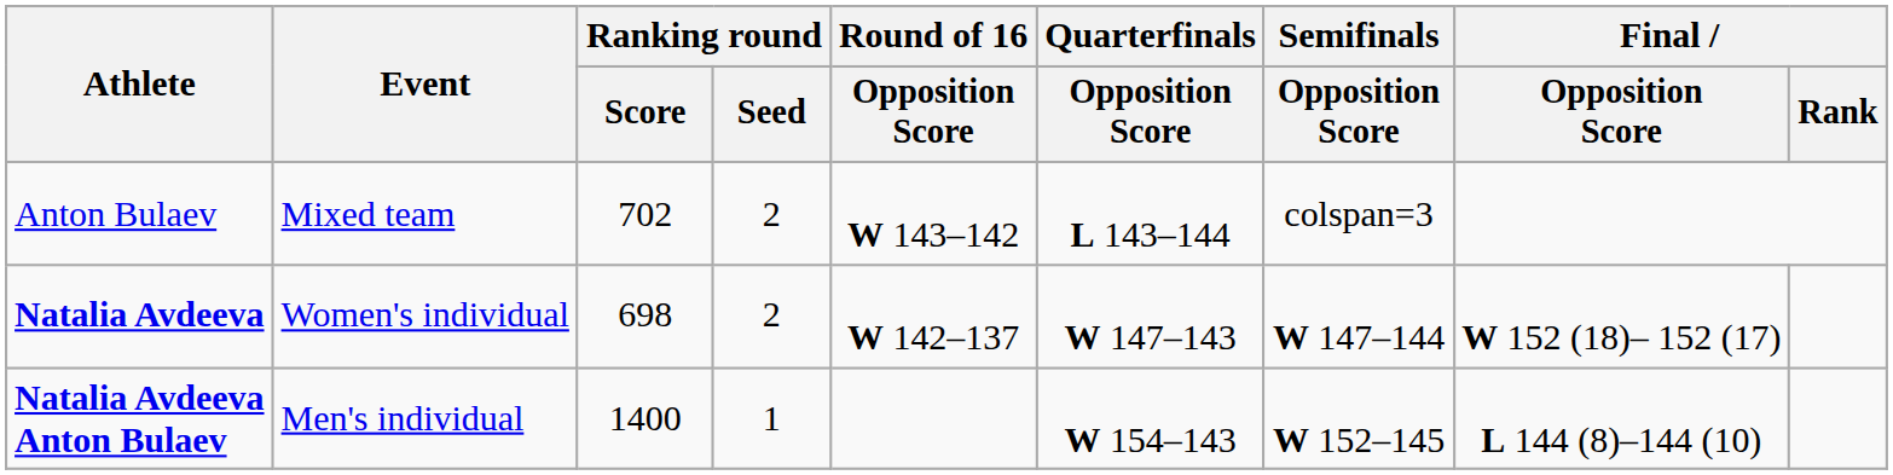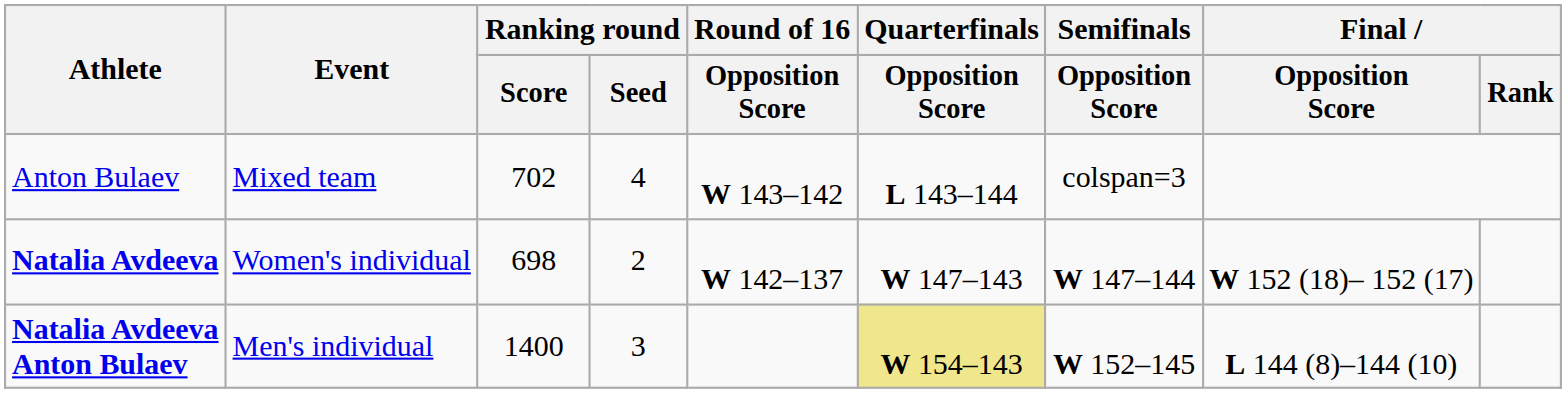 <table class="wikitable" style="text-align:center; font-size:90%">
 <tr>
 <th rowspan=2>Athlete</th>
 <th rowspan=2>Event</th>
 <th colspan=2>Ranking round</th>
 <th>Round of 16</th>
 <th>Quarterfinals</th>
 <th>Semifinals</th>
 <th colspan=2>Final / </th>
 </tr>
 <tr style="font-size:95%">
 <th>Score</th>
 <th>Seed</th>
 <th>Opposition<br>Score</th>
 <th>Opposition<br>Score</th>
 <th>Opposition<br>Score</th>
 <th>Opposition<br>Score</th>
 <th>Rank</th>
 </tr>
 <tr>
 <td align=left><a href='#'>Anton Bulaev</a></td>
 <td align=left><a href='#'>Mixed team</a></td>
 <td>702</td>
-<td>2</td>
+<td>4</td>
 <td><br><strong>W</strong> 143–142</td>
 <td><br><strong>L</strong> 143–144</td>
 <td>colspan=3 </td>
 </tr>
 <tr>
 <td align=left><strong><a href='#'>Natalia Avdeeva</a></strong></td>
 <td align=left><a href='#'>Women's individual</a></td>
 <td>698</td>
 <td>2</td>
 <td><br><strong>W</strong> 142–137</td>
 <td><br><strong>W</strong> 147–143</td>
 <td><br><strong>W</strong> 147–144</td>
 <td><br><strong>W</strong> 152 (18)– 152 (17)</td>
 <td></td>
 </tr>
 <tr>
 <td align=left><strong><a href='#'>Natalia Avdeeva</a><br><a href='#'>Anton Bulaev</a></strong></td>
 <td align=left><a href='#'>Men's individual</a></td>
 <td>1400</td>
-<td>1</td>
+<td>3</td>
 <td></td>
-<td><br><strong>W</strong> 154–143</td>
+<td style="background: khaki;"><br><strong>W</strong> 154–143</td>
 <td><br><strong>W</strong> 152–145</td>
 <td><br><strong>L</strong> 144 (8)–144 (10)</td>
 <td></td>
 </tr>
 </table>
